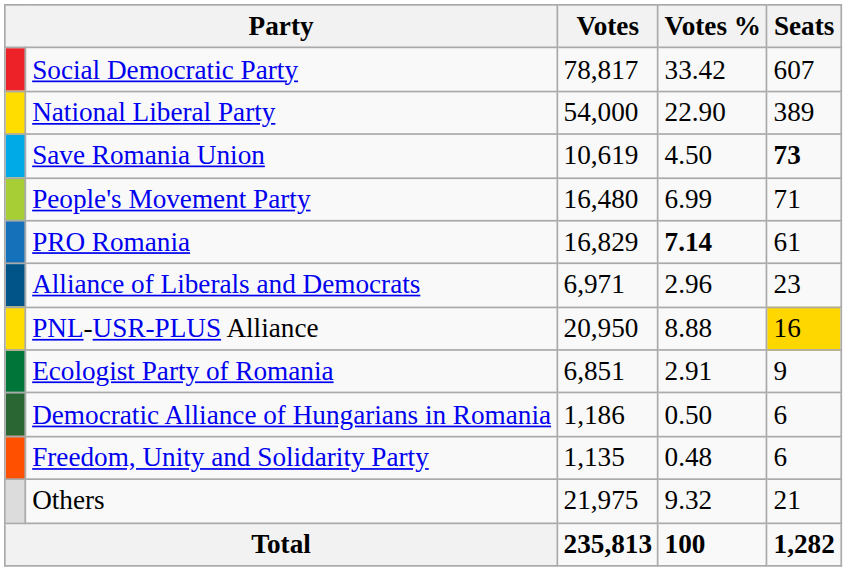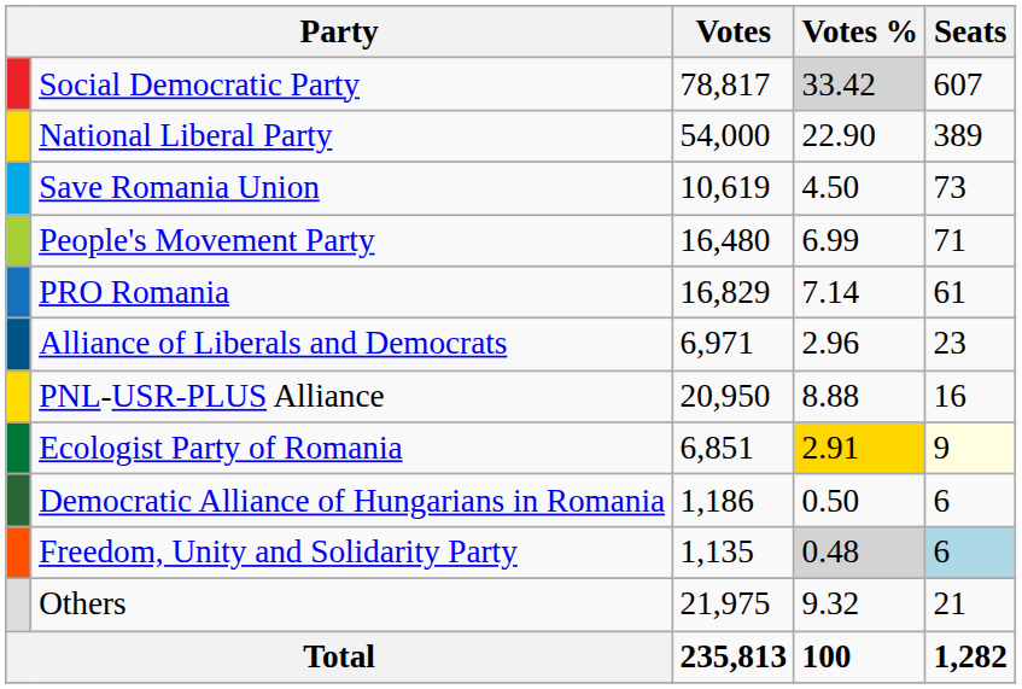 <table class="wikitable">
 <tr>
 <th colspan="2">Party</th>
 <th>Votes</th>
 <th>Votes %</th>
 <th>Seats</th>
 </tr>
 <tr>
 <td style="background:#ed2128;" width="5"></td>
 <td><a href='#'>Social Democratic Party</a></td>
 <td>78,817</td>
-<td>33.42</td>
+<td style="background: lightgrey;">33.42</td>
 <td>607</td>
 </tr>
 <tr>
 <td style="background:#ffdd00;" width="5"></td>
 <td><a href='#'>National Liberal Party</a></td>
 <td>54,000</td>
 <td>22.90</td>
 <td>389</td>
 </tr>
 <tr>
 <td style="background:#00aae7;" width="5"></td>
 <td><a href='#'>Save Romania Union</a></td>
 <td>10,619</td>
 <td>4.50</td>
-<td><strong>73</strong></td>
+<td>73</td>
 </tr>
 <tr>
 <td style="background:#a7cf35;" width="5"></td>
 <td><a href='#'>People's Movement Party</a></td>
 <td>16,480</td>
 <td>6.99</td>
 <td>71</td>
 </tr>
 <tr>
 <td style="background:#1572ba;" width="5"></td>
 <td><a href='#'>PRO Romania</a></td>
 <td>16,829</td>
-<td><strong>7.14</strong></td>
+<td>7.14</td>
 <td>61</td>
 </tr>
 <tr>
 <td style="background:#005487;" width="5"></td>
 <td><a href='#'>Alliance of Liberals and Democrats</a></td>
 <td>6,971</td>
 <td>2.96</td>
 <td>23</td>
 </tr>
 <tr>
 <td style="background:#ffdd00;" width="5"></td>
 <td><a href='#'>PNL</a>-<a href='#'>USR-PLUS</a> Alliance</td>
 <td>20,950</td>
 <td>8.88</td>
-<td style="background: gold;">16</td>
+<td>16</td>
 </tr>
 <tr>
 <td style="background:#00753A;" width="5"></td>
 <td><a href='#'>Ecologist Party of Romania</a></td>
 <td>6,851</td>
-<td>2.91</td>
-<td>9</td>
+<td style="background: gold;">2.91</td>
+<td style="background: lightyellow;">9</td>
 </tr>
 <tr>
 <td style="background:#296633;" width="5"></td>
 <td><a href='#'>Democratic Alliance of Hungarians in Romania</a></td>
 <td>1,186</td>
 <td>0.50</td>
 <td>6</td>
 </tr>
 <tr>
 <td style="background:#FF5000;" width="5"></td>
 <td><a href='#'>Freedom, Unity and Solidarity Party</a></td>
 <td>1,135</td>
-<td>0.48</td>
-<td>6</td>
+<td style="background: lightgrey;">0.48</td>
+<td style="background: lightblue;">6</td>
 </tr>
 <tr>
 <td style="background:#dcdcdc;" width="5"></td>
 <td>Others</td>
 <td>21,975</td>
 <td>9.32</td>
 <td>21</td>
 </tr>
 <tr>
 <th colspan="2">Total</th>
 <td><strong>235,813</strong></td>
 <td><strong>100</strong></td>
 <td><strong>1,282</strong></td>
 </tr>
 </table>
